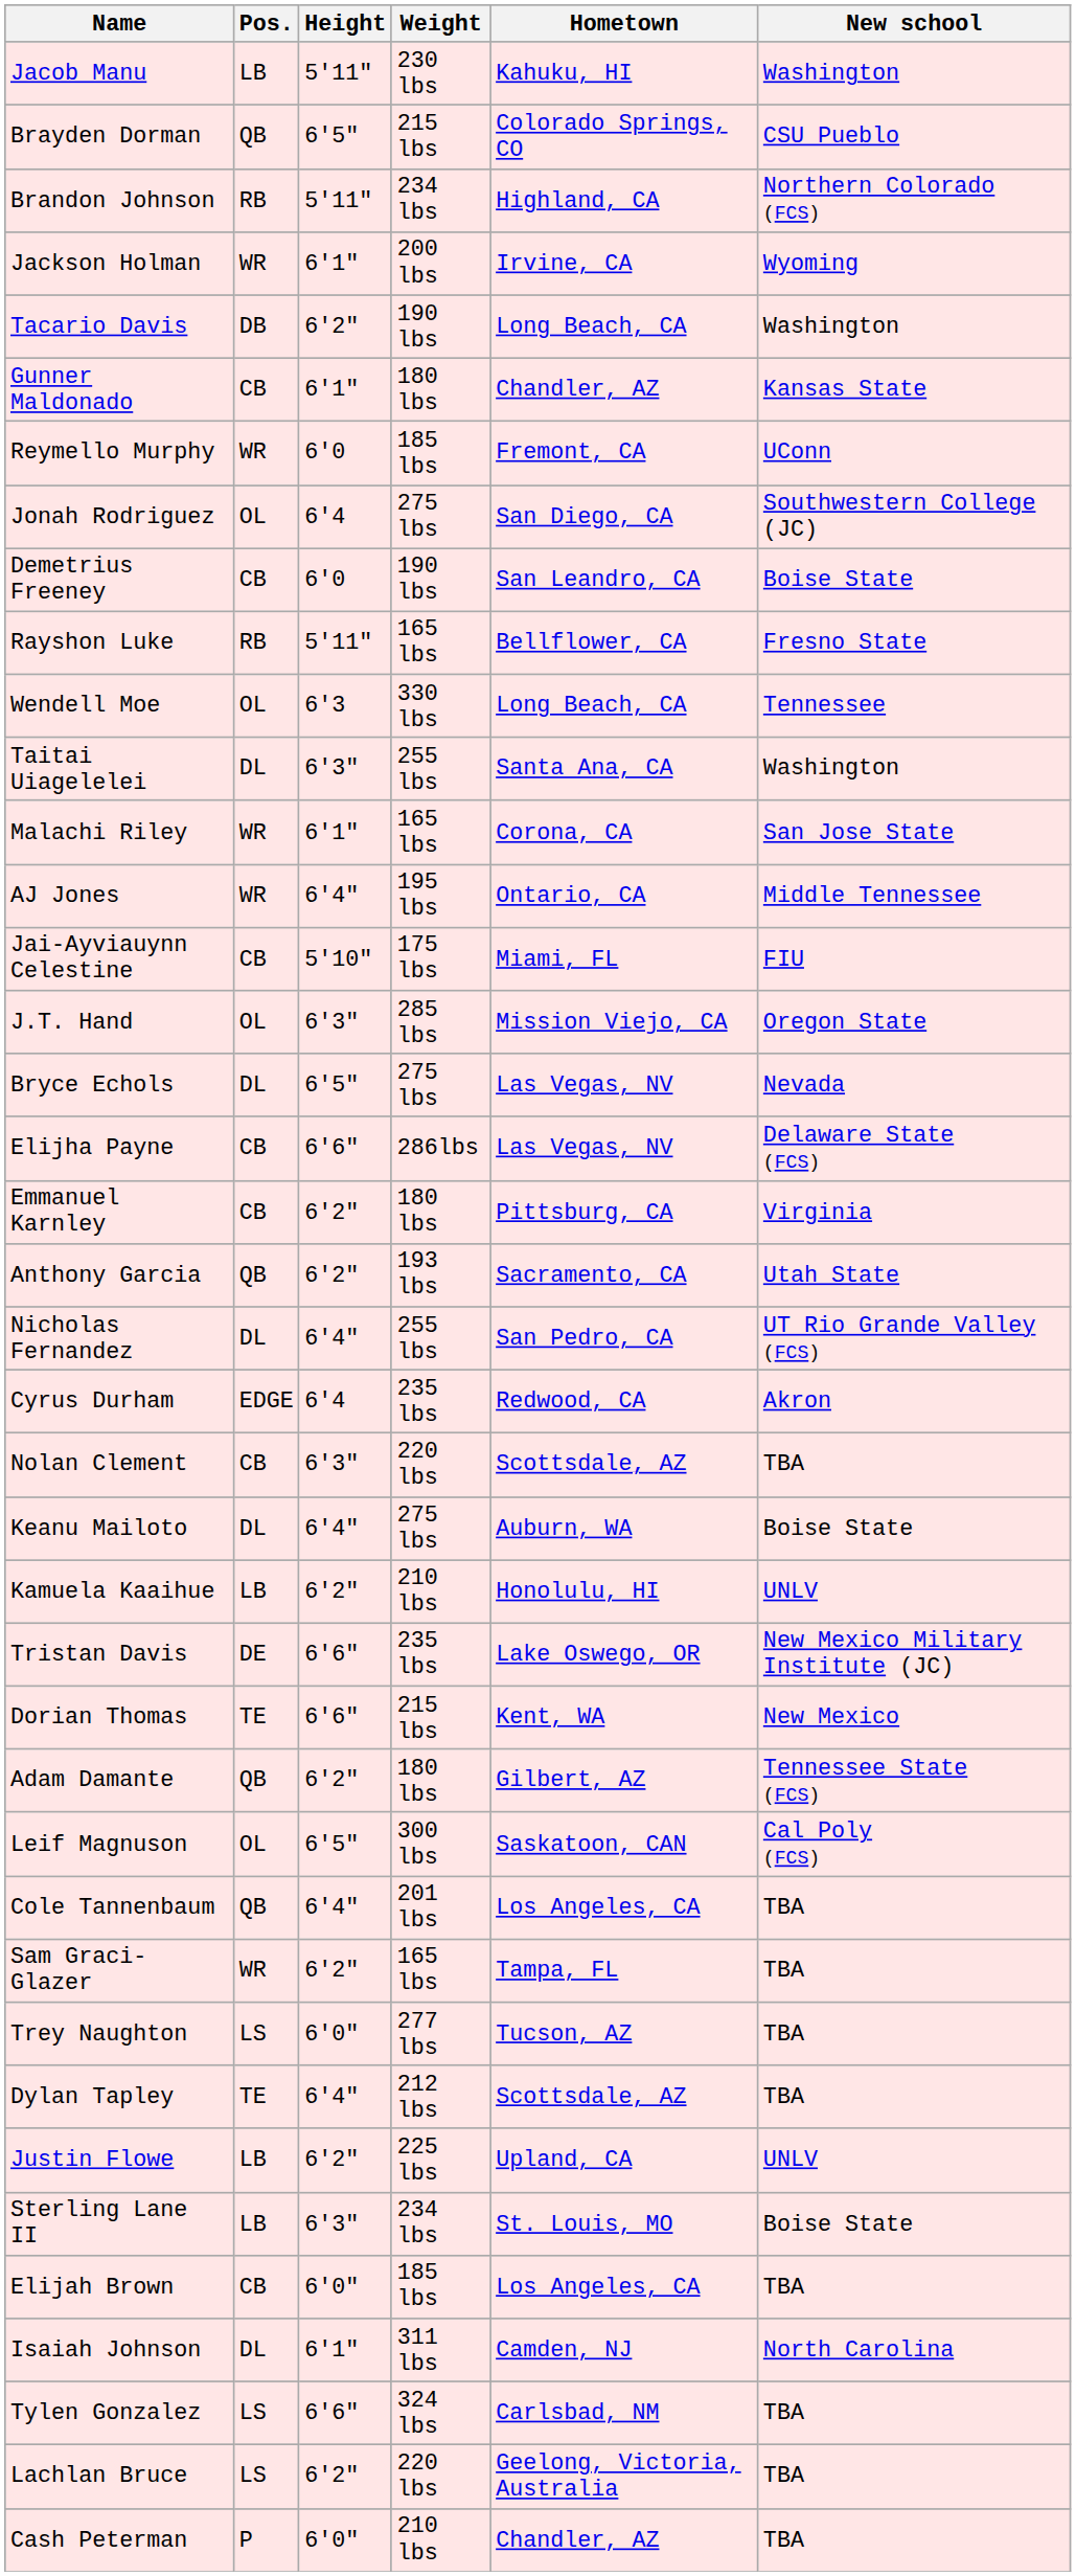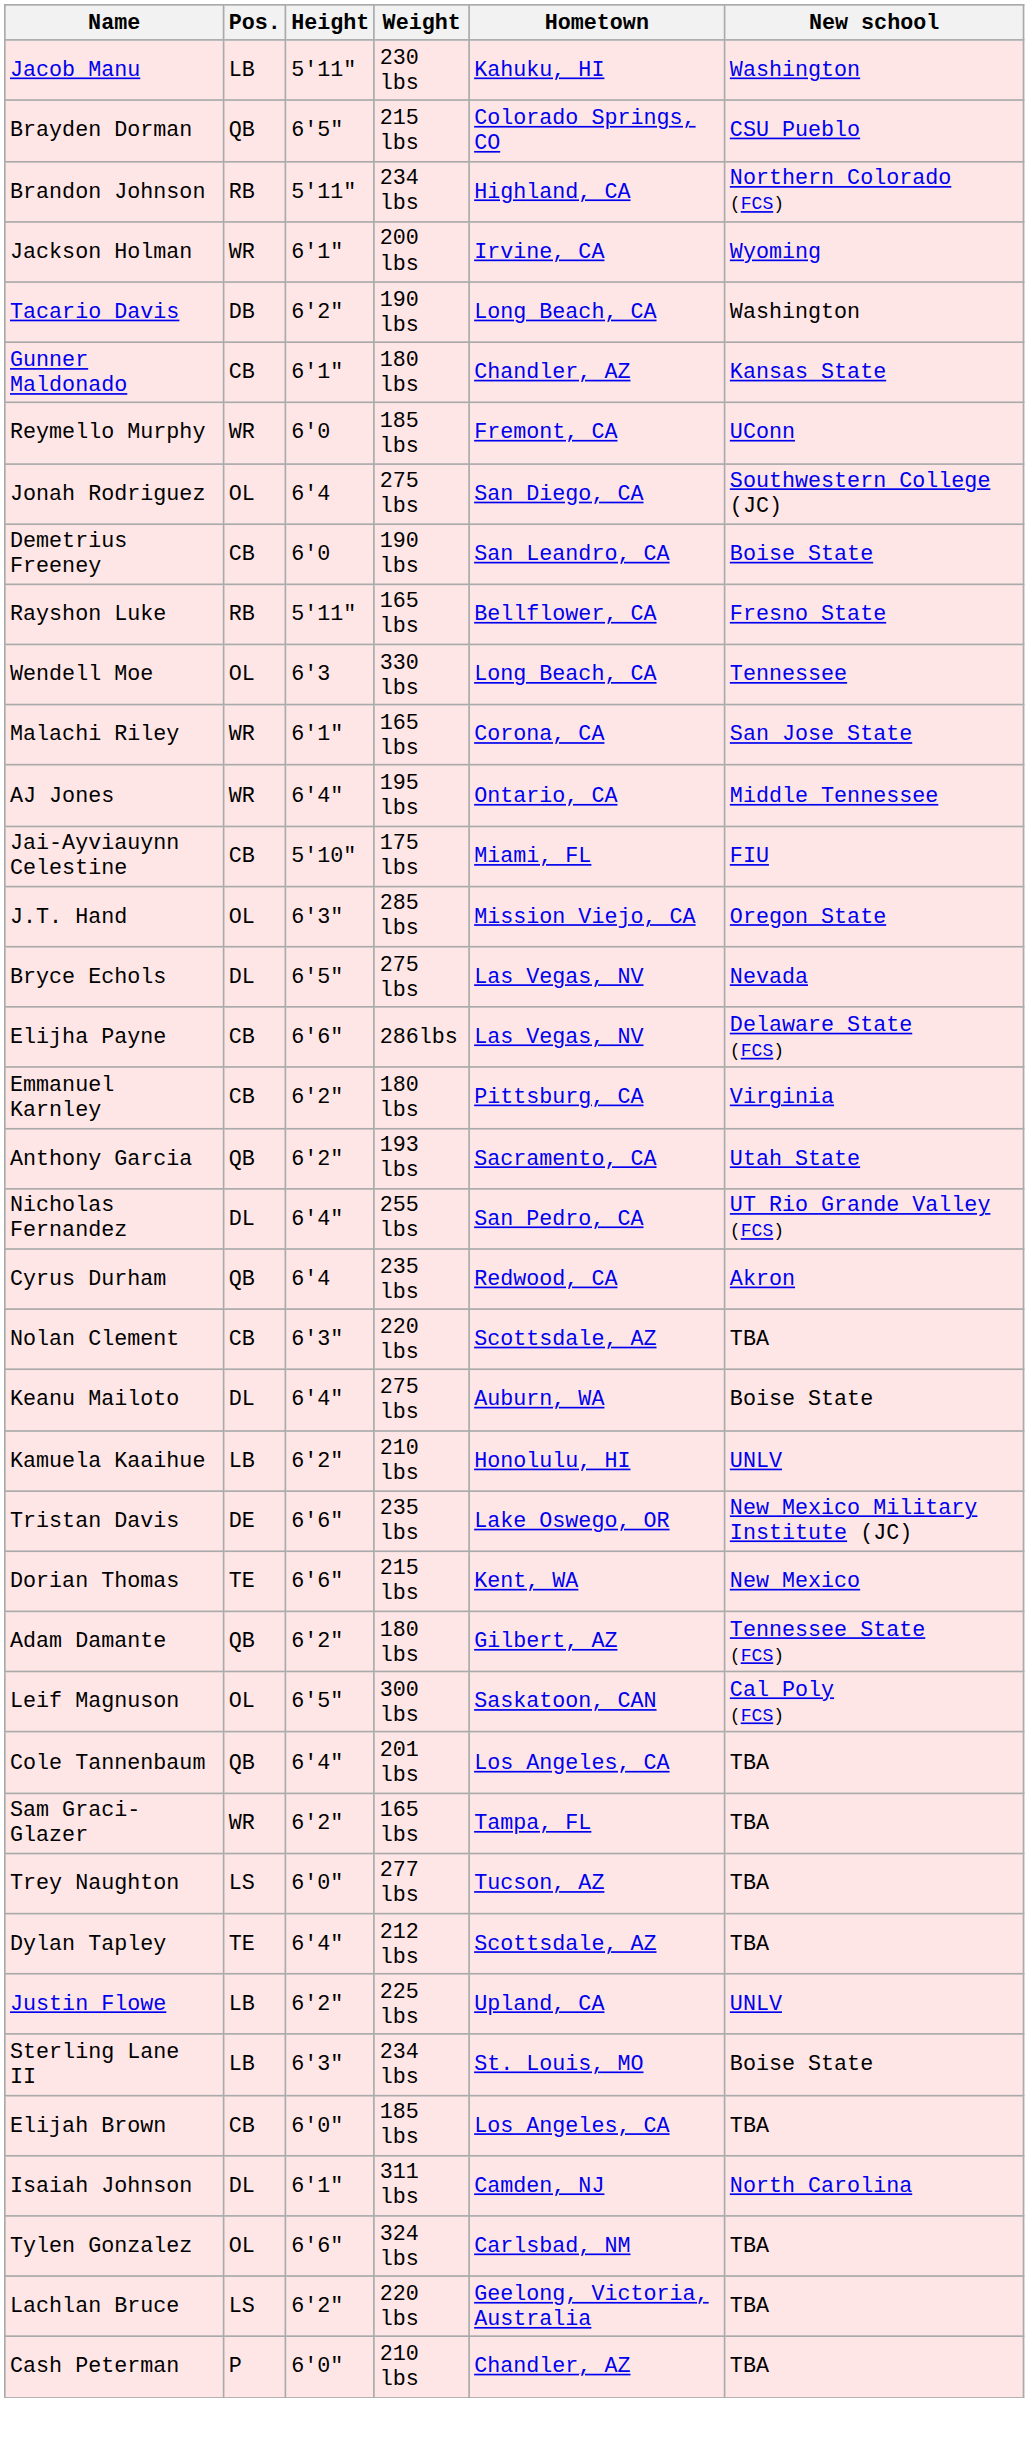 <table class="wikitable sortable">
 <tr>
 <th>Name</th>
 <th>Pos.</th>
 <th>Height</th>
 <th>Weight</th>
 <th>Hometown</th>
 <th>New school</th>
 </tr>
 <tr style="background:#FFE6E6;">
 <td><a href='#'>Jacob Manu</a></td>
 <td>LB</td>
 <td>5'11"</td>
 <td>230 lbs</td>
 <td><a href='#'>Kahuku, HI</a></td>
 <td><a href='#'>Washington</a></td>
 </tr>
 <tr style="background:#FFE6E6;">
 <td>Brayden Dorman</td>
 <td>QB</td>
 <td>6'5"</td>
 <td>215 lbs</td>
 <td><a href='#'>Colorado Springs, CO</a></td>
 <td><a href='#'>CSU Pueblo</a></td>
 </tr>
 <tr style="background:#FFE6E6;">
 <td>Brandon Johnson</td>
 <td>RB</td>
 <td>5'11"</td>
 <td>234 lbs</td>
 <td><a href='#'>Highland, CA</a></td>
 <td><a href='#'>Northern Colorado</a> <br><small>(<a href='#'>FCS</a>)</small></td>
 </tr>
 <tr style="background:#FFE6E6;">
 <td>Jackson Holman</td>
 <td>WR</td>
 <td>6'1"</td>
 <td>200 lbs</td>
 <td><a href='#'>Irvine, CA</a></td>
 <td><a href='#'>Wyoming</a></td>
 </tr>
 <tr style="background:#FFE6E6;">
 <td><a href='#'>Tacario Davis</a></td>
 <td>DB</td>
 <td>6'2"</td>
 <td>190 lbs</td>
 <td><a href='#'>Long Beach, CA</a></td>
 <td>Washington</td>
 </tr>
 <tr style="background:#FFE6E6;">
 <td><a href='#'>Gunner Maldonado</a></td>
 <td>CB</td>
 <td>6'1"</td>
 <td>180 lbs</td>
 <td><a href='#'>Chandler, AZ</a></td>
 <td><a href='#'>Kansas State</a></td>
 </tr>
 <tr style="background:#FFE6E6;">
 <td>Reymello Murphy</td>
 <td>WR</td>
 <td>6'0</td>
 <td>185 lbs</td>
 <td><a href='#'>Fremont, CA</a></td>
 <td><a href='#'>UConn</a></td>
 </tr>
 <tr style="background:#FFE6E6;">
 <td>Jonah Rodriguez</td>
 <td>OL</td>
 <td>6'4</td>
 <td>275 lbs</td>
 <td><a href='#'>San Diego, CA</a></td>
 <td><a href='#'>Southwestern College</a> (JC)</td>
 </tr>
 <tr style="background:#FFE6E6;">
 <td>Demetrius Freeney</td>
 <td>CB</td>
 <td>6′0</td>
 <td>190 lbs</td>
 <td><a href='#'>San Leandro, CA</a></td>
 <td><a href='#'>Boise State</a></td>
 </tr>
 <tr style="background:#FFE6E6;">
 <td>Rayshon Luke</td>
 <td>RB</td>
 <td>5'11"</td>
 <td>165 lbs</td>
 <td><a href='#'>Bellflower, CA</a></td>
 <td><a href='#'>Fresno State</a></td>
 </tr>
 <tr style="background:#FFE6E6;">
 <td>Wendell Moe</td>
 <td>OL</td>
 <td>6′3</td>
 <td>330 lbs</td>
 <td><a href='#'>Long Beach, CA</a></td>
 <td><a href='#'>Tennessee</a></td>
 </tr>
 <tr style="background:#FFE6E6;">
-<td>Taitai Uiagelelei</td>
-<td>DL</td>
-<td>6'3"</td>
-<td>255 lbs</td>
-<td><a href='#'>Santa Ana, CA</a></td>
-<td>Washington</td>
-</tr>
-<tr style="background:#FFE6E6;">
 <td>Malachi Riley</td>
 <td>WR</td>
 <td>6'1"</td>
 <td>165 lbs</td>
 <td><a href='#'>Corona, CA</a></td>
 <td><a href='#'>San Jose State</a></td>
 </tr>
 <tr style="background:#FFE6E6;">
 <td>AJ Jones</td>
 <td>WR</td>
 <td>6'4"</td>
 <td>195 lbs</td>
 <td><a href='#'>Ontario, CA</a></td>
 <td><a href='#'>Middle Tennessee</a></td>
 </tr>
 <tr style="background:#FFE6E6;">
 <td>Jai-Ayviauynn Celestine</td>
 <td>CB</td>
 <td>5'10"</td>
 <td>175 lbs</td>
 <td><a href='#'>Miami, FL</a></td>
 <td><a href='#'>FIU</a></td>
 </tr>
 <tr style="background:#FFE6E6;">
 <td>J.T. Hand</td>
 <td>OL</td>
 <td>6'3"</td>
 <td>285 lbs</td>
 <td><a href='#'>Mission Viejo, CA</a></td>
 <td><a href='#'>Oregon State</a></td>
 </tr>
 <tr style="background:#FFE6E6;">
 <td>Bryce Echols</td>
 <td>DL</td>
 <td>6'5"</td>
 <td>275 lbs</td>
 <td><a href='#'>Las Vegas, NV</a></td>
 <td><a href='#'>Nevada</a></td>
 </tr>
 <tr style="background:#FFE6E6;">
 <td>Elijha Payne</td>
 <td>CB</td>
 <td>6'6"</td>
 <td>286lbs</td>
 <td><a href='#'>Las Vegas, NV</a></td>
 <td><a href='#'>Delaware State</a> <br><small>(<a href='#'>FCS</a>)</small></td>
 </tr>
 <tr style="background:#FFE6E6;">
 <td>Emmanuel Karnley</td>
 <td>CB</td>
 <td>6'2"</td>
 <td>180 lbs</td>
 <td><a href='#'>Pittsburg, CA</a></td>
 <td><a href='#'>Virginia</a></td>
 </tr>
 <tr style="background:#FFE6E6;">
 <td>Anthony Garcia</td>
 <td>QB</td>
 <td>6'2"</td>
 <td>193 lbs</td>
 <td><a href='#'>Sacramento, CA</a></td>
 <td><a href='#'>Utah State</a></td>
 </tr>
 <tr style="background:#FFE6E6;">
 <td>Nicholas Fernandez</td>
 <td>DL</td>
 <td>6'4"</td>
 <td>255 lbs</td>
 <td><a href='#'>San Pedro, CA</a></td>
 <td><a href='#'>UT Rio Grande Valley</a> <br><small>(<a href='#'>FCS</a>)</small></td>
 </tr>
 <tr style="background:#FFE6E6;">
 <td>Cyrus Durham</td>
-<td>EDGE</td>
+<td>QB</td>
 <td>6′4</td>
 <td>235 lbs</td>
 <td><a href='#'>Redwood, CA</a></td>
 <td><a href='#'>Akron</a></td>
 </tr>
 <tr style="background:#FFE6E6;">
 <td>Nolan Clement</td>
 <td>CB</td>
 <td>6'3"</td>
 <td>220 lbs</td>
 <td><a href='#'>Scottsdale, AZ</a></td>
 <td>TBA</td>
 </tr>
 <tr style="background:#FFE6E6;">
 <td>Keanu Mailoto</td>
 <td>DL</td>
 <td>6'4"</td>
 <td>275 lbs</td>
 <td><a href='#'>Auburn, WA</a></td>
 <td>Boise State</td>
 </tr>
 <tr style="background:#FFE6E6;">
 <td>Kamuela Kaaihue</td>
 <td>LB</td>
 <td>6'2"</td>
 <td>210 lbs</td>
 <td><a href='#'>Honolulu, HI</a></td>
 <td><a href='#'>UNLV</a></td>
 </tr>
 <tr style="background:#FFE6E6;">
 <td>Tristan Davis</td>
 <td>DE</td>
 <td>6'6"</td>
 <td>235 lbs</td>
 <td><a href='#'>Lake Oswego, OR</a></td>
 <td><a href='#'>New Mexico Military Institute</a> (JC)</td>
 </tr>
 <tr style="background:#FFE6E6;">
 <td>Dorian Thomas</td>
 <td>TE</td>
 <td>6'6"</td>
 <td>215 lbs</td>
 <td><a href='#'>Kent, WA</a></td>
 <td><a href='#'>New Mexico</a></td>
 </tr>
 <tr style="background:#FFE6E6;">
 <td>Adam Damante</td>
 <td>QB</td>
 <td>6'2"</td>
 <td>180 lbs</td>
 <td><a href='#'>Gilbert, AZ</a></td>
 <td><a href='#'>Tennessee State</a> <br><small>(<a href='#'>FCS</a>)</small></td>
 </tr>
 <tr style="background:#FFE6E6;">
 <td>Leif Magnuson</td>
 <td>OL</td>
 <td>6'5"</td>
 <td>300 lbs</td>
 <td><a href='#'>Saskatoon, CAN</a></td>
 <td><a href='#'>Cal Poly</a> <br><small>(<a href='#'>FCS</a>)</small></td>
 </tr>
 <tr style="background:#FFE6E6;">
 <td>Cole Tannenbaum</td>
 <td>QB</td>
 <td>6'4"</td>
 <td>201 lbs</td>
 <td><a href='#'>Los Angeles, CA</a></td>
 <td>TBA</td>
 </tr>
 <tr style="background:#FFE6E6;">
 <td>Sam Graci-Glazer</td>
 <td>WR</td>
 <td>6'2"</td>
 <td>165 lbs</td>
 <td><a href='#'>Tampa, FL</a></td>
 <td>TBA</td>
 </tr>
 <tr style="background:#FFE6E6;">
 <td>Trey Naughton</td>
 <td>LS</td>
 <td>6'0"</td>
 <td>277 lbs</td>
 <td><a href='#'>Tucson, AZ</a></td>
 <td>TBA</td>
 </tr>
 <tr style="background:#FFE6E6;">
 <td>Dylan Tapley</td>
 <td>TE</td>
 <td>6'4"</td>
 <td>212 lbs</td>
 <td><a href='#'>Scottsdale, AZ</a></td>
 <td>TBA</td>
 </tr>
 <tr style="background:#FFE6E6;">
 <td><a href='#'>Justin Flowe</a></td>
 <td>LB</td>
 <td>6'2"</td>
 <td>225 lbs</td>
 <td><a href='#'>Upland, CA</a></td>
 <td><a href='#'>UNLV</a></td>
 </tr>
 <tr style="background:#FFE6E6;">
 <td>Sterling Lane II</td>
 <td>LB</td>
 <td>6'3"</td>
 <td>234 lbs</td>
 <td><a href='#'>St. Louis, MO</a></td>
 <td>Boise State</td>
 </tr>
 <tr style="background:#FFE6E6;">
 <td>Elijah Brown</td>
 <td>CB</td>
 <td>6'0"</td>
 <td>185 lbs</td>
 <td><a href='#'>Los Angeles, CA</a></td>
 <td>TBA</td>
 </tr>
 <tr style="background:#FFE6E6;">
 <td>Isaiah Johnson</td>
 <td>DL</td>
 <td>6'1"</td>
 <td>311 lbs</td>
 <td><a href='#'>Camden, NJ</a></td>
 <td><a href='#'>North Carolina</a></td>
 </tr>
 <tr style="background:#FFE6E6;">
 <td>Tylen Gonzalez</td>
-<td>LS</td>
+<td>OL</td>
 <td>6'6"</td>
 <td>324 lbs</td>
 <td><a href='#'>Carlsbad, NM</a></td>
 <td>TBA</td>
 </tr>
 <tr style="background:#FFE6E6;">
 <td>Lachlan Bruce</td>
 <td>LS</td>
 <td>6'2"</td>
 <td>220 lbs</td>
 <td><a href='#'>Geelong, Victoria, Australia</a></td>
 <td>TBA</td>
 </tr>
 <tr style="background:#FFE6E6;">
 <td>Cash Peterman</td>
 <td>P</td>
 <td>6'0"</td>
 <td>210 lbs</td>
 <td><a href='#'>Chandler, AZ</a></td>
 <td>TBA</td>
 </tr>
 </table>
